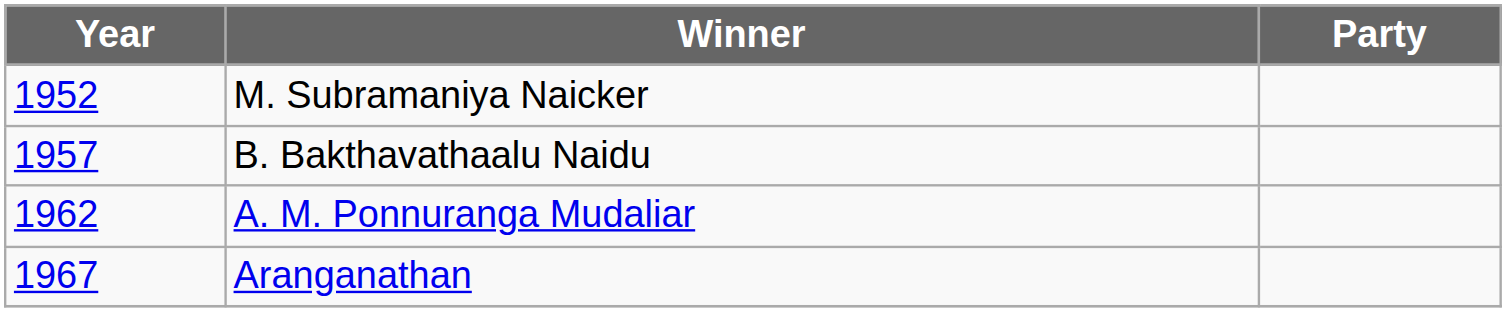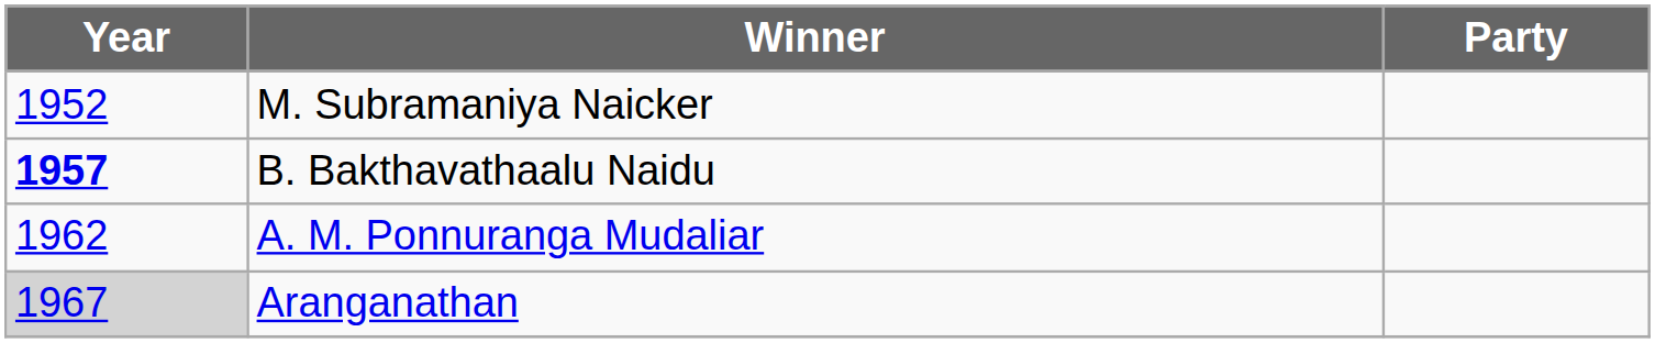 <table class="wikitable" width="50%">
 <tr>
 <th style="background-color:#666666; color:white">Year</th>
 <th style="background-color:#666666; color:white">Winner</th>
 <th style="background-color:#666666; color:white" colspan="2">Party</th>
 </tr>
 <tr>
 <td><a href='#'>1952</a></td>
 <td>M. Subramaniya Naicker</td>
 <td></td>
 </tr>
 <tr>
-<td><a href='#'>1957</a></td>
+<td><strong><a href='#'>1957</a></strong></td>
 <td>B. Bakthavathaalu Naidu</td>
 <td></td>
 </tr>
 <tr>
 <td><a href='#'>1962</a></td>
 <td><a href='#'>A. M. Ponnuranga Mudaliar</a></td>
 <td></td>
 </tr>
 <tr>
-<td><a href='#'>1967</a></td>
+<td style="background: lightgrey;"><a href='#'>1967</a></td>
 <td><a href='#'>Aranganathan</a></td>
 <td></td>
 </tr>
 <tr>
 </tr>
 </table>
